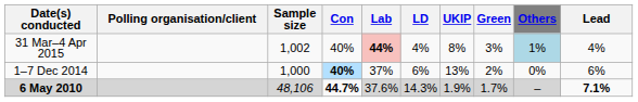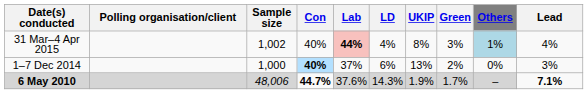 <table class="wikitable sortable" style="text-align:center;font-size:90%;line-height:14px">
 <tr>
 <th ! style="width:105px;">Date(s)<br>conducted</th>
 <th style="width:200px;">Polling organisation/client</th>
 <th class="unsortable" style="width:60px;">Sample size</th>
 <th class="unsortable" style="background:"><a href='#'><span>Con</span></a></th>
 <th class="unsortable" style="background:"><a href='#'><span>Lab</span></a></th>
 <th class="unsortable" style="background:"><a href='#'><span>LD</span></a></th>
 <th class="unsortable" style="background:"><a href='#'><span>UKIP</span></a></th>
 <th class="unsortable" style="background:"><a href='#'><span>Green</span></a></th>
 <th class="unsortable" style="background:gray; width:50px;"><a href='#'><span>Others</span></a></th>
 <th class="unsortable" style="width:80px;">Lead</th>
 </tr>
 <tr>
 <td>31 Mar–4 Apr 2015</td>
 <td> </td>
 <td>1,002</td>
 <td>40%</td>
 <td style="background:#F8C1BE"><strong>44%</strong></td>
 <td>4%</td>
 <td>8%</td>
 <td>3%</td>
 <td style="background: lightblue;">1%</td>
 <td style="background:">4%</td>
 </tr>
 <tr>
 <td>1–7 Dec 2014</td>
 <td> </td>
 <td>1,000</td>
 <td style="background:#B3E0FF"><strong>40%</strong></td>
 <td>37%</td>
 <td>6%</td>
 <td>13%</td>
 <td>2%</td>
 <td>0%</td>
-<td style="background:">6%</td>
+<td style="background:">3%</td>
 </tr>
 <tr>
 <td style="background:#D5D5D5"><strong>6 May 2010</strong></td>
 <td style="background:#D5D5D5"></td>
-<td style="background:#D5D5D5"><em>48,106</em></td>
+<td style="background:#D5D5D5"><em>48,006</em></td>
 <td style="background:"><strong>44.7%</strong></td>
 <td style="background:#D5D5D5">37.6%</td>
 <td style="background:#D5D5D5">14.3%</td>
 <td style="background:#D5D5D5">1.9%</td>
 <td style="background:#D5D5D5">1.7%</td>
 <td style="background:#D5D5D5">–</td>
 <td style="background:"><strong>7.1% </strong></td>
 </tr>
 </table>
